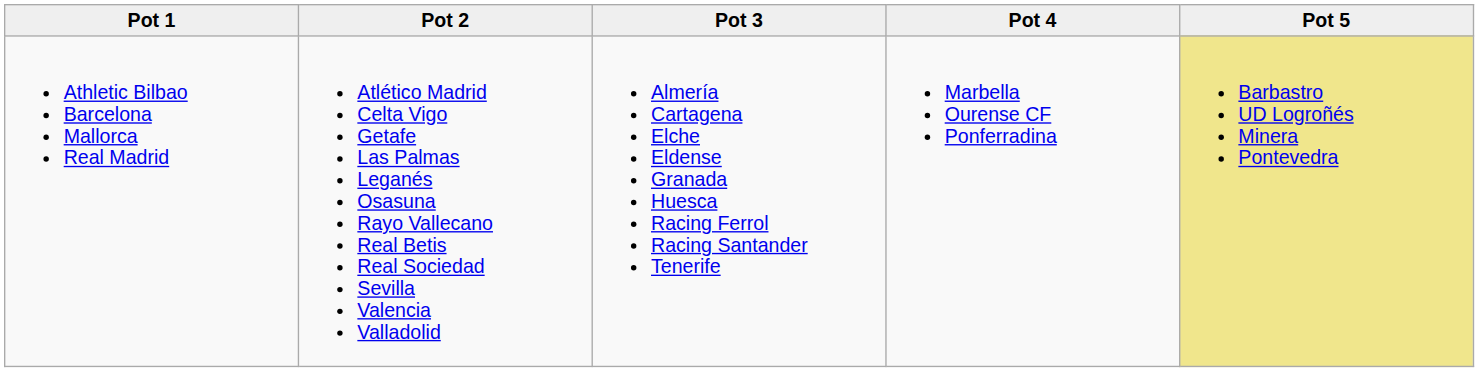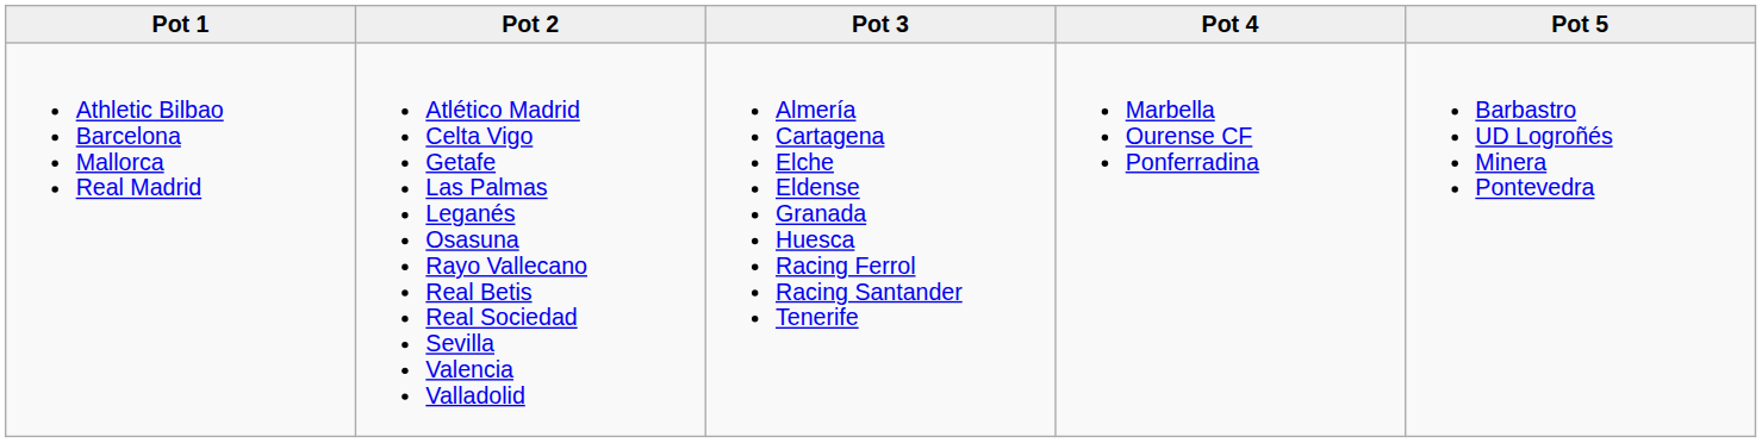 <table class="wikitable" style="font-size:90%">
 <tr bgcolor=#efefef align=center>
 <td width=15%><strong>Pot 1</strong><br></td>
 <td width=15%><strong>Pot 2</strong><br></td>
 <td width=15%><strong>Pot 3</strong><br></td>
 <td width="15%"><strong>Pot 4</strong><br></td>
 <td width=15%><strong>Pot 5</strong><br></td>
 </tr>
 <tr valign=top>
 <td><br><ul><li><a href='#'>Athletic Bilbao</a></li><li><a href='#'>Barcelona</a></li><li><a href='#'>Mallorca</a></li><li><a href='#'>Real Madrid</a></li></ul></td>
 <td><br><ul><li><a href='#'>Atlético Madrid</a></li><li><a href='#'>Celta Vigo</a></li><li><a href='#'>Getafe</a></li><li><a href='#'>Las Palmas</a></li><li><a href='#'>Leganés</a></li><li><a href='#'>Osasuna</a></li><li><a href='#'>Rayo Vallecano</a></li><li><a href='#'>Real Betis</a></li><li><a href='#'>Real Sociedad</a></li><li><a href='#'>Sevilla</a></li><li><a href='#'>Valencia</a></li><li><a href='#'>Valladolid</a></li></ul></td>
 <td><br><ul><li><a href='#'>Almería</a></li><li><a href='#'>Cartagena</a></li><li><a href='#'>Elche</a></li><li><a href='#'>Eldense</a></li><li><a href='#'>Granada</a></li><li><a href='#'>Huesca</a></li><li><a href='#'>Racing Ferrol</a></li><li><a href='#'>Racing Santander</a></li><li><a href='#'>Tenerife</a></li></ul></td>
 <td><br><ul><li><a href='#'>Marbella</a></li><li><a href='#'>Ourense CF</a></li><li><a href='#'>Ponferradina</a></li></ul></td>
-<td style="background: khaki;"><br><ul><li><a href='#'>Barbastro</a></li><li><a href='#'>UD Logroñés</a></li><li><a href='#'>Minera</a></li><li><a href='#'>Pontevedra</a></li></ul></td>
+<td><br><ul><li><a href='#'>Barbastro</a></li><li><a href='#'>UD Logroñés</a></li><li><a href='#'>Minera</a></li><li><a href='#'>Pontevedra</a></li></ul></td>
 </tr>
 </table>
